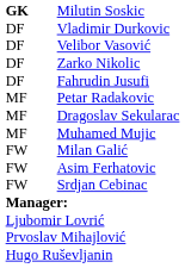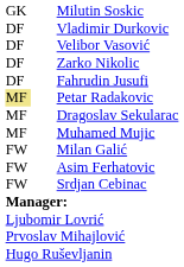 <table style="font-size:90%; margin:0.2em auto;" cellspacing="0" cellpadding="0">
 <tr>
 <th width="25"></th>
 <th width="25"></th>
 </tr>
 <tr>
-<td><strong>GK</strong></td>
+<td>GK</td>
 <td><strong> </strong></td>
 <td><a href='#'>Milutin Soskic</a></td>
 </tr>
 <tr>
 <td>DF</td>
 <td><strong> </strong></td>
 <td><a href='#'>Vladimir Durkovic</a></td>
 </tr>
 <tr>
 <td>DF</td>
 <td><strong> </strong></td>
 <td><a href='#'>Velibor Vasović</a></td>
 </tr>
 <tr>
 <td>DF</td>
 <td><strong> </strong></td>
 <td><a href='#'>Zarko Nikolic</a></td>
 </tr>
 <tr>
 <td>DF</td>
 <td><strong> </strong></td>
 <td><a href='#'>Fahrudin Jusufi</a></td>
 </tr>
 <tr>
-<td>MF</td>
+<td style="background: khaki;">MF</td>
 <td><strong> </strong></td>
 <td><a href='#'>Petar Radakovic</a></td>
 </tr>
 <tr>
 <td>MF</td>
 <td><strong> </strong></td>
 <td><a href='#'>Dragoslav Sekularac</a></td>
 </tr>
 <tr>
 <td>MF</td>
 <td><strong> </strong></td>
 <td><a href='#'>Muhamed Mujic</a></td>
 </tr>
 <tr>
 <td>FW</td>
 <td><strong> </strong></td>
 <td><a href='#'>Milan Galić</a></td>
 </tr>
 <tr>
 <td>FW</td>
 <td><strong> </strong></td>
 <td><a href='#'>Asim Ferhatovic</a></td>
 </tr>
 <tr>
 <td>FW</td>
 <td><strong> </strong></td>
 <td><a href='#'>Srdjan Cebinac</a></td>
 </tr>
 <tr>
 <td colspan=3><strong>Manager:</strong></td>
 </tr>
 <tr>
 <td colspan=4><a href='#'>Ljubomir Lovrić</a><br><a href='#'>Prvoslav Mihajlović</a><br><a href='#'>Hugo Ruševljanin</a></td>
 </tr>
 </table>
